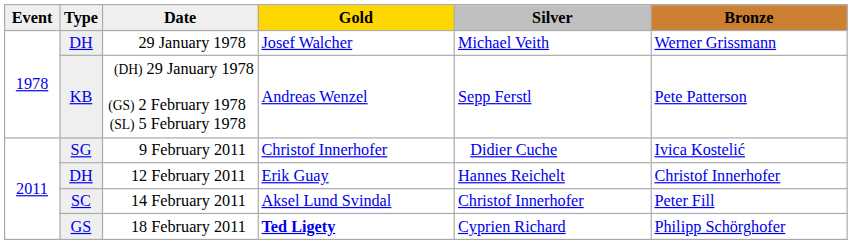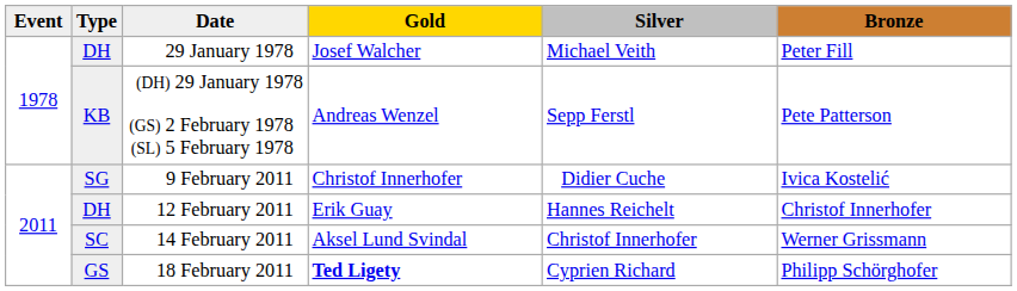 <table class="wikitable plainrowheaders" style="background:#fff; font-size:86%; line-height:15px; border:grey solid 1px; border-collapse:collapse;">
 <tr>
 <th style="background-color: #EFEFEF;" width="40">Event</th>
 <th style="background-color: #EFEFEF;" width="30">Type</th>
 <th style="background-color: #EFEFEF;" width="125">Date</th>
 <th style="background-color: #FFD700;" width="160">Gold</th>
 <th style="background-color: #C0C0C0;" width="160">Silver</th>
 <th style="background-color: #CD7F32;" width="160">Bronze</th>
 </tr>
 <tr>
 <td align=center rowspan=2><a href='#'>1978</a></td>
 <td align=center bgcolor=#EFEFEF><a href='#'>DH</a></td>
 <td align=right>29 January 1978  </td>
 <td> <a href='#'>Josef Walcher</a></td>
 <td> <a href='#'>Michael Veith</a></td>
-<td> <a href='#'>Werner Grissmann</a></td>
+<td> <a href='#'>Peter Fill</a></td>
 </tr>
 <tr>
 <td align=center bgcolor=#EFEFEF><a href='#'>KB</a></td>
 <td align=right><small>(DH)</small> 29 January 1978  <br><small>(GS)</small> 2 February 1978  <br><small>(SL)</small> 5 February 1978  </td>
 <td> <a href='#'>Andreas Wenzel</a></td>
 <td> <a href='#'>Sepp Ferstl</a></td>
 <td> <a href='#'>Pete Patterson</a></td>
 </tr>
 <tr>
 <td align=center rowspan=4><a href='#'>2011</a></td>
 <td align=center bgcolor=#EFEFEF><a href='#'>SG</a></td>
 <td align=right>9 February 2011  </td>
 <td> <a href='#'>Christof Innerhofer</a></td>
 <td>   <a href='#'>Didier Cuche</a></td>
 <td> <a href='#'>Ivica Kostelić</a></td>
 </tr>
 <tr>
 <td align=center bgcolor=#EFEFEF><a href='#'>DH</a></td>
 <td align=right>12 February 2011  </td>
 <td> <a href='#'>Erik Guay</a></td>
 <td> <a href='#'>Hannes Reichelt</a></td>
 <td> <a href='#'>Christof Innerhofer</a></td>
 </tr>
 <tr>
 <td align=center bgcolor=#EFEFEF><a href='#'>SC</a></td>
 <td align=right>14 February 2011  </td>
 <td> <a href='#'>Aksel Lund Svindal</a></td>
 <td> <a href='#'>Christof Innerhofer</a></td>
-<td> <a href='#'>Peter Fill</a></td>
+<td> <a href='#'>Werner Grissmann</a></td>
 </tr>
 <tr>
 <td align=center bgcolor=#EFEFEF><a href='#'>GS</a></td>
 <td align=right>18 February 2011  </td>
 <td><strong> <a href='#'>Ted Ligety</a></strong></td>
 <td> <a href='#'>Cyprien Richard</a></td>
 <td> <a href='#'>Philipp Schörghofer</a></td>
 </tr>
 </table>
